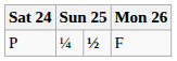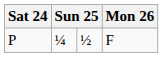 <table class="wikitable olympic-schedule table-tennis">
 <tr>
 <th>Sat 24</th>
 <th colspan="2">Sun 25</th>
 <th>Mon 26</th>
 </tr>
 <tr>
 <td class="prelims">P</td>
 <td class="quarterfinals">¼</td>
-<td class="semifinals"><strong>½</strong></td>
+<td class="semifinals">½</td>
 <td class="final">F</td>
 </tr>
 </table>
